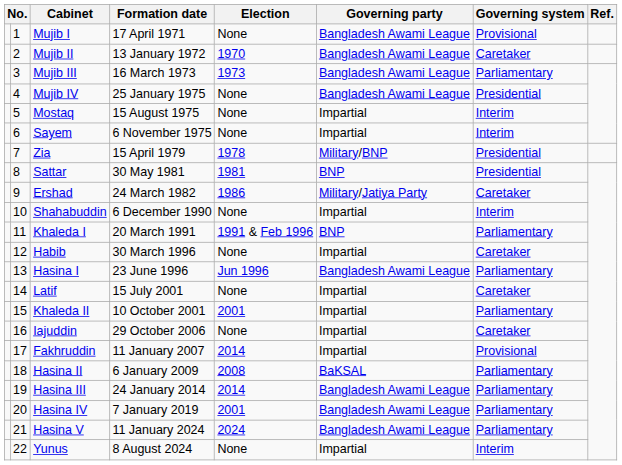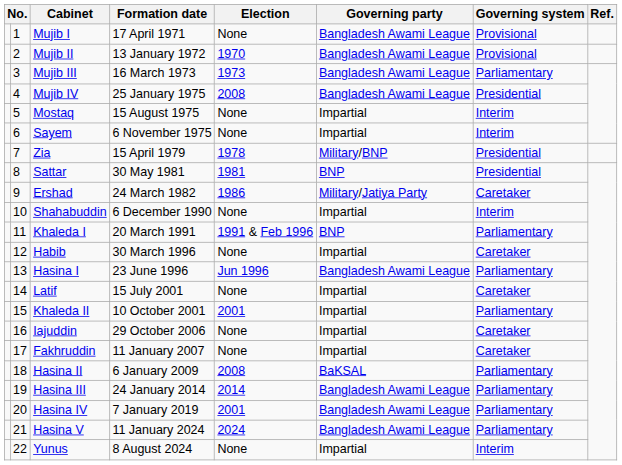 <table class="wikitable sortable">
 <tr>
 <th colspan=2>No.</th>
 <th>Cabinet</th>
 <th>Formation date</th>
 <th>Election</th>
 <th>Governing party</th>
 <th>Governing system</th>
 <th>Ref.</th>
 </tr>
 <tr>
 <td align=center style="background-color:"></td>
 <td>1</td>
 <td><a href='#'>Mujib I</a></td>
 <td>17 April 1971</td>
 <td>None</td>
 <td><a href='#'>Bangladesh Awami League</a></td>
 <td><a href='#'>Provisional</a></td>
 </tr>
 <tr>
 <td align=center style="background-color:"></td>
 <td>2</td>
 <td><a href='#'>Mujib II</a></td>
 <td>13 January 1972</td>
 <td><a href='#'>1970</a></td>
 <td><a href='#'>Bangladesh Awami League</a></td>
-<td><a href='#'>Caretaker</a></td>
+<td><a href='#'>Provisional</a></td>
 <td></td>
 </tr>
 <tr>
 <td align=center style="background-color:"></td>
 <td>3</td>
 <td><a href='#'>Mujib III</a></td>
 <td>16 March 1973</td>
 <td><a href='#'>1973</a></td>
 <td><a href='#'>Bangladesh Awami League</a></td>
 <td><a href='#'>Parliamentary</a></td>
 </tr>
 <tr>
 <td align=center style="background-color:"></td>
 <td>4</td>
 <td><a href='#'>Mujib IV</a></td>
 <td>25 January 1975</td>
-<td>None</td>
+<td><a href='#'>2008</a></td>
 <td><a href='#'>Bangladesh Awami League</a></td>
 <td><a href='#'>Presidential</a></td>
 </tr>
 <tr>
 <td align=center style="background-color:"></td>
 <td>5</td>
 <td><a href='#'>Mostaq</a></td>
 <td>15 August 1975</td>
 <td>None</td>
 <td>Impartial</td>
 <td><a href='#'>Interim</a></td>
 </tr>
 <tr>
 <td align=center style="background-color:"></td>
 <td>6</td>
 <td><a href='#'>Sayem</a></td>
 <td>6 November 1975</td>
 <td>None</td>
 <td>Impartial</td>
 <td><a href='#'>Interim</a></td>
 </tr>
 <tr>
 <td align=center style="background-color:"></td>
 <td>7</td>
 <td><a href='#'>Zia</a></td>
 <td>15 April 1979</td>
 <td><a href='#'>1978</a></td>
 <td><a href='#'>Military</a>/<a href='#'>BNP</a></td>
 <td><a href='#'>Presidential</a></td>
 <td></td>
 </tr>
 <tr>
 <td align=center style="background-color:"></td>
 <td>8</td>
 <td><a href='#'>Sattar</a></td>
 <td>30 May 1981</td>
 <td><a href='#'>1981</a></td>
 <td><a href='#'>BNP</a></td>
 <td><a href='#'>Presidential</a></td>
 </tr>
 <tr>
 <td align=center style="background-color:"></td>
 <td>9</td>
 <td><a href='#'>Ershad</a></td>
 <td>24 March 1982</td>
 <td><a href='#'>1986</a></td>
 <td><a href='#'>Military</a>/<a href='#'>Jatiya Party</a></td>
 <td><a href='#'>Caretaker</a></td>
 </tr>
 <tr>
 <td align=center style="background-color:"></td>
 <td>10</td>
 <td><a href='#'>Shahabuddin</a></td>
 <td>6 December 1990</td>
 <td>None</td>
 <td>Impartial</td>
 <td><a href='#'>Interim</a></td>
 </tr>
 <tr>
 <td align=center style="background-color:"></td>
 <td>11</td>
 <td><a href='#'>Khaleda I</a></td>
 <td>20 March 1991</td>
 <td><a href='#'>1991</a> & <a href='#'>Feb 1996</a></td>
 <td><a href='#'>BNP</a></td>
 <td><a href='#'>Parliamentary</a></td>
 </tr>
 <tr>
 <td align=center style="background-color:"></td>
 <td>12</td>
 <td><a href='#'>Habib</a></td>
 <td>30 March 1996</td>
 <td>None</td>
 <td>Impartial</td>
 <td><a href='#'>Caretaker</a></td>
 </tr>
 <tr>
 <td align=center style="background-color:"></td>
 <td>13</td>
 <td><a href='#'>Hasina I</a></td>
 <td>23 June 1996</td>
 <td><a href='#'>Jun 1996</a></td>
 <td><a href='#'>Bangladesh Awami League</a></td>
 <td><a href='#'>Parliamentary</a></td>
 </tr>
 <tr>
 <td align=center style="background-color:"></td>
 <td>14</td>
 <td><a href='#'>Latif</a></td>
 <td>15 July 2001</td>
 <td>None</td>
 <td>Impartial</td>
 <td><a href='#'>Caretaker</a></td>
 </tr>
 <tr>
 <td align=center style="background-color:"></td>
 <td>15</td>
 <td><a href='#'>Khaleda II</a></td>
 <td>10 October 2001</td>
 <td><a href='#'>2001</a></td>
 <td>Impartial</td>
 <td><a href='#'>Parliamentary</a></td>
 </tr>
 <tr>
 <td align=center style="background-color:"></td>
 <td>16</td>
 <td><a href='#'>Iajuddin</a></td>
 <td>29 October 2006</td>
 <td>None</td>
 <td>Impartial</td>
 <td><a href='#'>Caretaker</a></td>
 </tr>
 <tr>
 <td align=center style="background-color:"></td>
 <td>17</td>
 <td><a href='#'>Fakhruddin</a></td>
 <td>11 January 2007</td>
-<td><a href='#'>2014</a></td>
+<td>None</td>
 <td>Impartial</td>
-<td><a href='#'>Provisional</a></td>
+<td><a href='#'>Caretaker</a></td>
 </tr>
 <tr>
 <td align=center style="background-color:"></td>
 <td>18</td>
 <td><a href='#'>Hasina II</a></td>
 <td>6 January 2009</td>
 <td><a href='#'>2008</a></td>
 <td><a href='#'>BaKSAL</a></td>
 <td><a href='#'>Parliamentary</a></td>
 </tr>
 <tr>
 <td align=center style="background-color:"></td>
 <td>19</td>
 <td><a href='#'>Hasina III</a></td>
 <td>24 January 2014</td>
 <td><a href='#'>2014</a></td>
 <td><a href='#'>Bangladesh Awami League</a></td>
 <td><a href='#'>Parliamentary</a></td>
 </tr>
 <tr>
 <td align=center style="background-color:"></td>
 <td>20</td>
 <td><a href='#'>Hasina IV</a></td>
 <td>7 January 2019</td>
 <td><a href='#'>2001</a></td>
 <td><a href='#'>Bangladesh Awami League</a></td>
 <td><a href='#'>Parliamentary</a></td>
 </tr>
 <tr>
 <td align=center style="background-color:"></td>
 <td>21</td>
 <td><a href='#'>Hasina V</a></td>
 <td>11 January 2024</td>
 <td><a href='#'>2024</a></td>
 <td><a href='#'>Bangladesh Awami League</a></td>
 <td><a href='#'>Parliamentary</a></td>
 </tr>
 <tr>
 <td align=center style="background-color:"></td>
 <td>22</td>
 <td><a href='#'>Yunus</a></td>
 <td>8 August 2024</td>
 <td>None</td>
 <td>Impartial</td>
 <td><a href='#'>Interim</a></td>
 </tr>
 </table>
